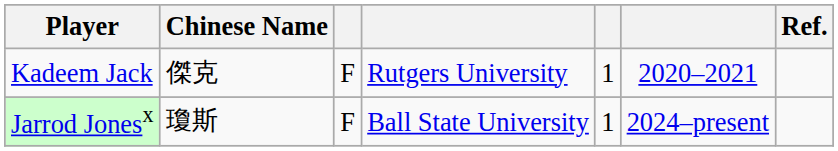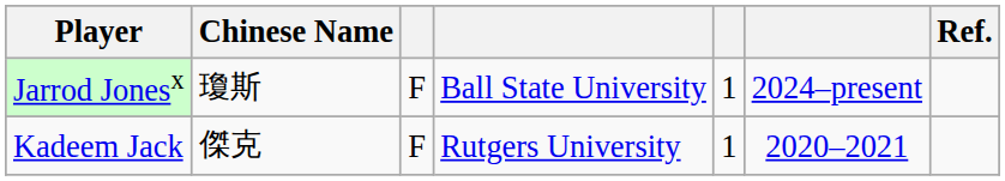 <table class="wikitable sortable" style="font-size:95%; text-align:left;">
 <tr>
 <th>Player</th>
 <th>Chinese Name</th>
 <th></th>
 <th></th>
 <th></th>
 <th></th>
 <th>Ref.</th>
 </tr>
 <tr>
+<td bgcolor="#CCFFCC"><a href='#'>Jarrod Jones</a><sup>x</sup></td>
+<td>瓊斯</td>
+<td align="center">F</td>
+<td><a href='#'>Ball State University</a></td>
+<td align="center">1</td>
+<td align="center"><a href='#'>2024–present</a></td>
+<td></td>
+</tr>
+<tr>
 <td><a href='#'>Kadeem Jack</a></td>
 <td>傑克</td>
 <td align="center">F</td>
 <td><a href='#'>Rutgers University</a></td>
 <td align="center">1</td>
 <td align="center"><a href='#'>2020–2021</a></td>
 <td></td>
 </tr>
-<tr>
-<td bgcolor="#CCFFCC"><a href='#'>Jarrod Jones</a><sup>x</sup></td>
-<td>瓊斯</td>
-<td align="center">F</td>
-<td><a href='#'>Ball State University</a></td>
-<td align="center">1</td>
-<td align="center"><a href='#'>2024–present</a></td>
-<td></td>
-</tr>
 </table>
